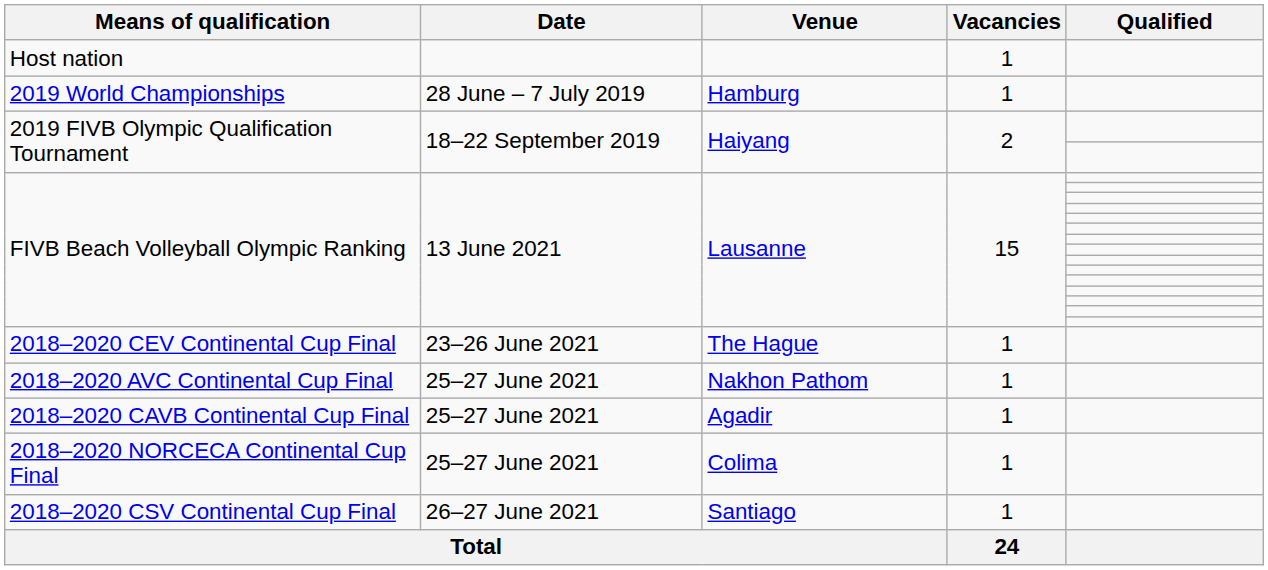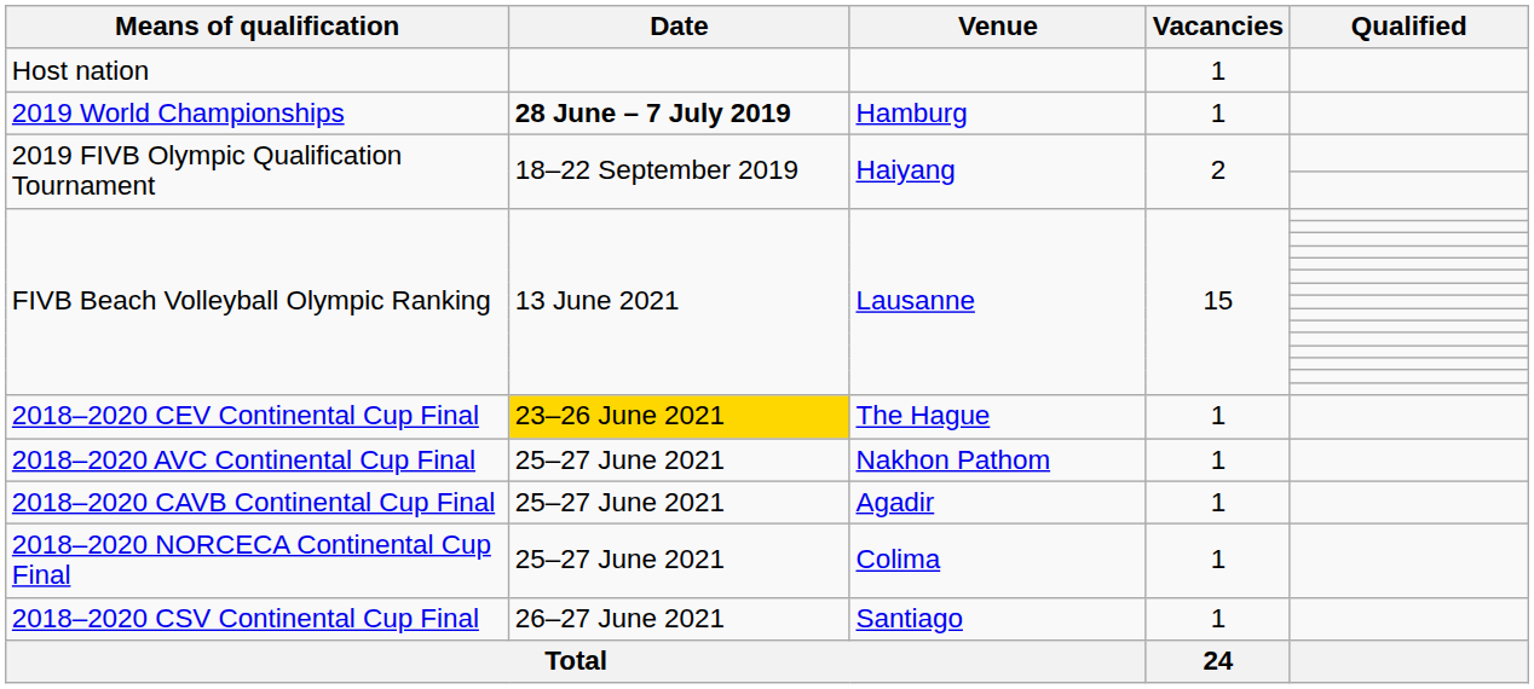 <table class="wikitable" style="width:900px;">
 <tr>
 <th width=34%>Means of qualification</th>
 <th width=23%>Date</th>
 <th width=20%>Venue</th>
 <th width=7%>Vacancies</th>
 <th width=16%>Qualified</th>
 </tr>
 <tr>
 <td>Host nation</td>
 <td></td>
 <td></td>
 <td style="text-align:center;">1</td>
 <td></td>
 </tr>
 <tr>
 <td><a href='#'>2019 World Championships</a></td>
-<td>28 June – 7 July 2019</td>
+<td><strong>28 June – 7 July 2019</strong></td>
 <td> <a href='#'>Hamburg</a></td>
 <td align=center>1</td>
 <td></td>
 </tr>
 <tr>
 <td rowspan="2">2019 FIVB Olympic Qualification Tournament</td>
 <td rowspan=2>18–22 September 2019</td>
 <td rowspan=2> <a href='#'>Haiyang</a></td>
 <td rowspan="2" style="text-align:center;">2</td>
 <td></td>
 </tr>
 <tr>
 <td></td>
 </tr>
 <tr>
 <td rowspan=15>FIVB Beach Volleyball Olympic Ranking</td>
 <td rowspan=15>13 June 2021</td>
 <td rowspan=15> <a href='#'>Lausanne</a></td>
 <td rowspan=15 align=center>15</td>
 <td></td>
 </tr>
 <tr>
 <td></td>
 </tr>
 <tr>
 <td></td>
 </tr>
 <tr>
 <td></td>
 </tr>
 <tr>
 <td></td>
 </tr>
 <tr>
 <td></td>
 </tr>
 <tr>
 <td></td>
 </tr>
 <tr>
 <td></td>
 </tr>
 <tr>
 <td></td>
 </tr>
 <tr>
 <td></td>
 </tr>
 <tr>
 <td></td>
 </tr>
 <tr>
 <td></td>
 </tr>
 <tr>
 <td></td>
 </tr>
 <tr>
 <td></td>
 </tr>
 <tr>
 <td></td>
 </tr>
 <tr>
 <td><a href='#'>2018–2020 CEV Continental Cup Final</a></td>
-<td>23–26 June 2021</td>
+<td style="background: gold;">23–26 June 2021</td>
 <td> <a href='#'>The Hague</a></td>
 <td style="text-align:center;">1</td>
 <td></td>
 </tr>
 <tr>
 <td><a href='#'>2018–2020 AVC Continental Cup Final</a></td>
 <td>25–27 June 2021</td>
 <td> <a href='#'>Nakhon Pathom</a></td>
 <td style="text-align:center;">1</td>
 <td></td>
 </tr>
 <tr>
 <td><a href='#'>2018–2020 CAVB Continental Cup Final</a></td>
 <td>25–27 June 2021</td>
 <td> <a href='#'>Agadir</a></td>
 <td style="text-align:center;">1</td>
 <td></td>
 </tr>
 <tr>
 <td><a href='#'>2018–2020 NORCECA Continental Cup Final</a></td>
 <td>25–27 June 2021</td>
 <td> <a href='#'>Colima</a></td>
 <td style="text-align:center;">1</td>
 <td></td>
 </tr>
 <tr>
 <td><a href='#'>2018–2020 CSV Continental Cup Final</a></td>
 <td>26–27 June 2021</td>
 <td> <a href='#'>Santiago</a></td>
 <td style="text-align:center;">1</td>
 <td></td>
 </tr>
 <tr>
 <th colspan="3">Total</th>
 <th>24</th>
 <th></th>
 </tr>
 </table>
